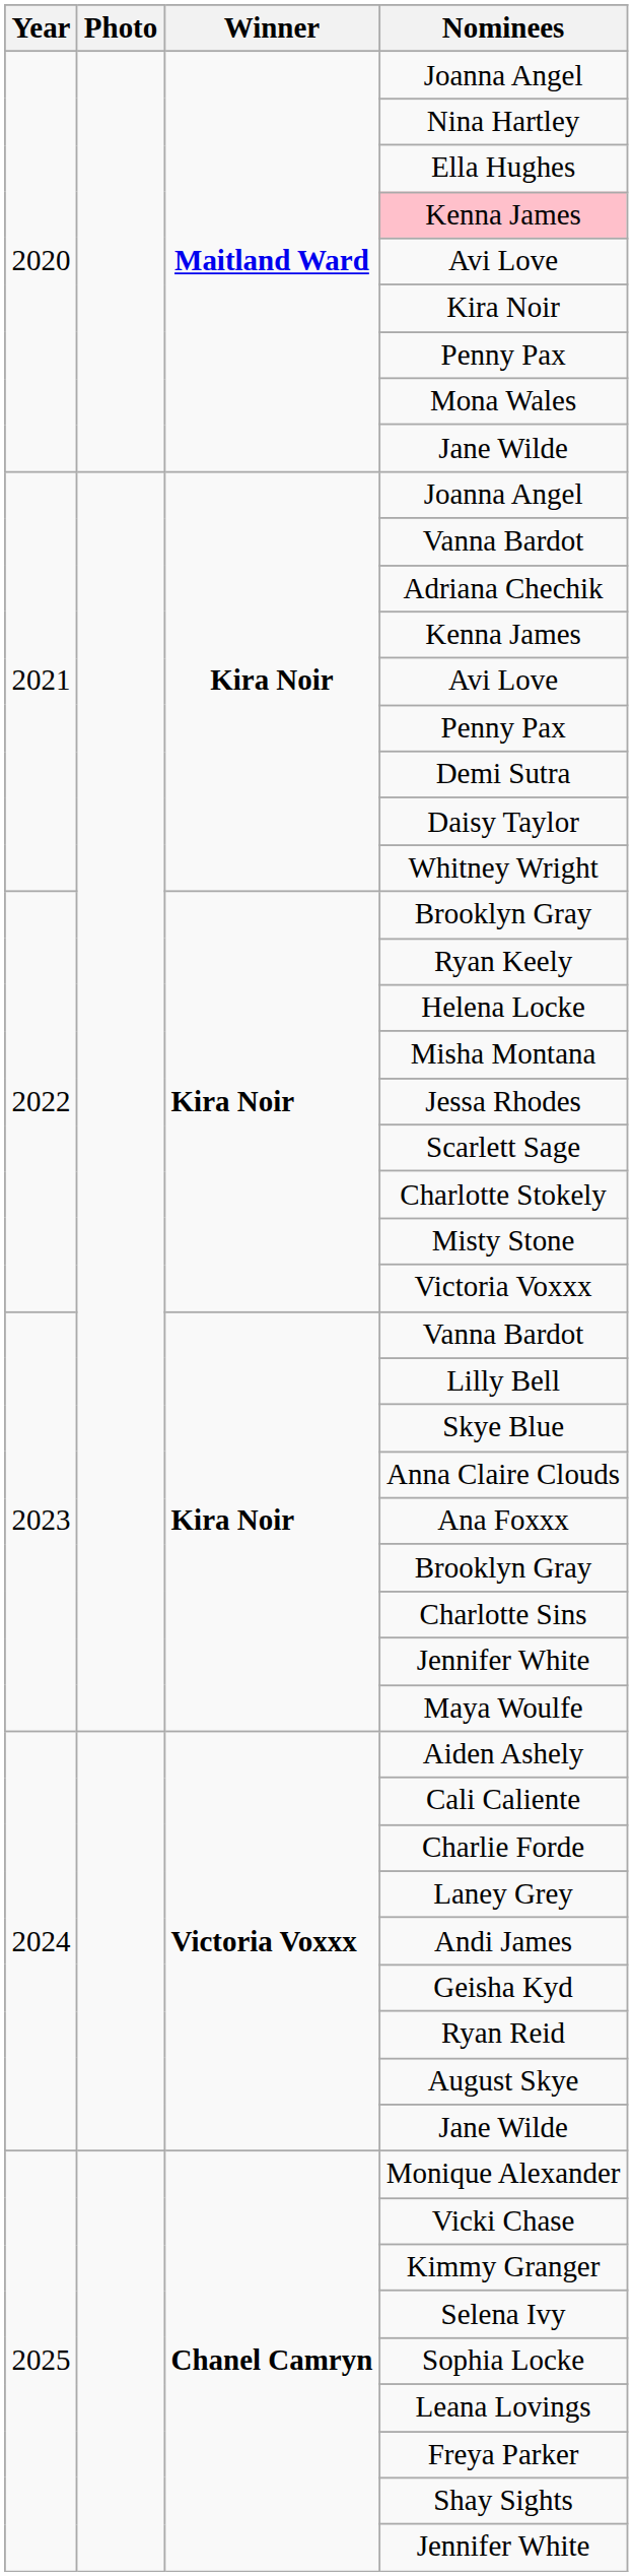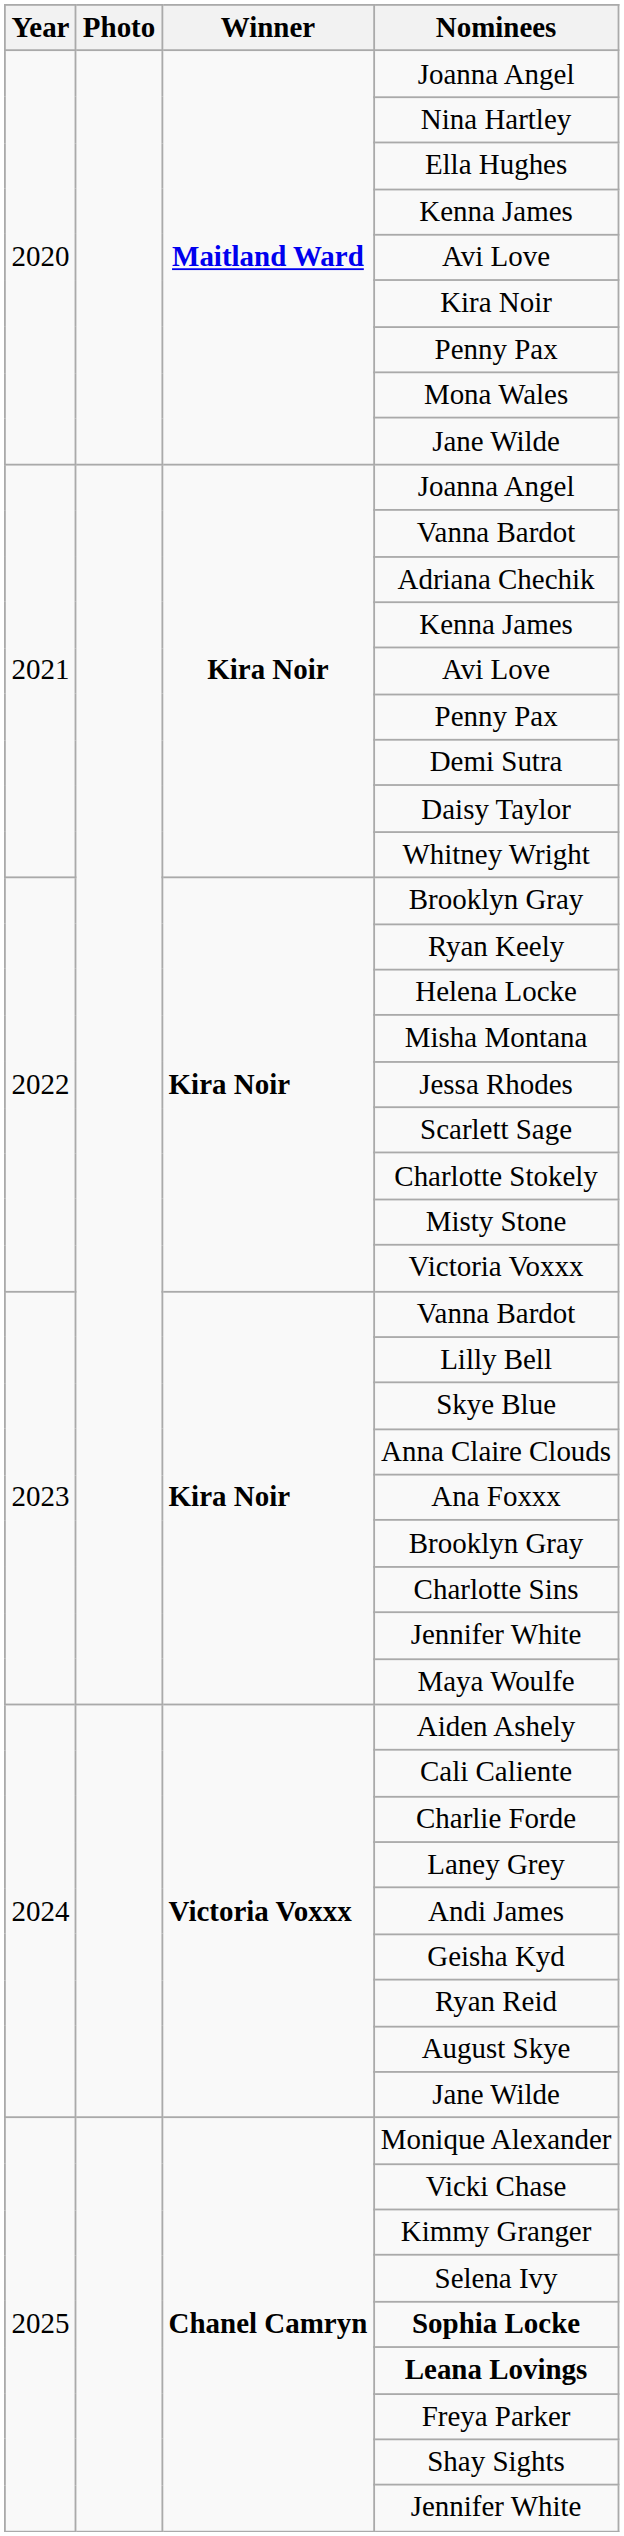 <table class=wikitable>
 <tr>
 <th>Year</th>
 <th>Photo</th>
 <th>Winner<br></th>
 <th>Nominees<br></th>
 </tr>
 <tr>
 <td rowspan=9 align=center>2020</td>
 <td rowspan=9 align=center></td>
 <td rowspan=9 align=center><strong><a href='#'>Maitland Ward</a></strong><br></td>
 <td align=center>Joanna Angel<br></td>
 </tr>
 <tr>
 <td align=center>Nina Hartley<br></td>
 </tr>
 <tr>
 <td align=center>Ella Hughes<br></td>
 </tr>
 <tr>
-<td align=center style="background: pink;">Kenna James<br></td>
+<td align=center>Kenna James<br></td>
 </tr>
 <tr>
 <td align=center>Avi Love<br></td>
 </tr>
 <tr>
 <td align=center>Kira Noir<br></td>
 </tr>
 <tr>
 <td align=center>Penny Pax<br></td>
 </tr>
 <tr>
 <td align=center>Mona Wales<br></td>
 </tr>
 <tr>
 <td align=center>Jane Wilde<br></td>
 </tr>
 <tr>
 <td rowspan=9 align=center>2021</td>
 <td rowspan="27" align="center"></td>
 <td rowspan=9 align=center><strong>Kira Noir</strong><br></td>
 <td align=center>Joanna Angel<br></td>
 </tr>
 <tr>
 <td align=center>Vanna Bardot<br></td>
 </tr>
 <tr>
 <td align=center>Adriana Chechik<br></td>
 </tr>
 <tr>
 <td align=center>Kenna James<br></td>
 </tr>
 <tr>
 <td align=center>Avi Love<br></td>
 </tr>
 <tr>
 <td align=center>Penny Pax<br></td>
 </tr>
 <tr>
 <td align=center>Demi Sutra<br></td>
 </tr>
 <tr>
 <td align=center>Daisy Taylor<br></td>
 </tr>
 <tr>
 <td align=center>Whitney Wright<br></td>
 </tr>
 <tr>
 <td rowspan="9">2022</td>
 <td rowspan="9"><strong>Kira Noir</strong><br></td>
 <td align=center>Brooklyn Gray <br></td>
 </tr>
 <tr>
 <td align=center>Ryan Keely<br></td>
 </tr>
 <tr>
 <td align=center>Helena Locke<br></td>
 </tr>
 <tr>
 <td align=center>Misha Montana<br></td>
 </tr>
 <tr>
 <td align=center>Jessa Rhodes<br></td>
 </tr>
 <tr>
 <td align=center>Scarlett Sage<br></td>
 </tr>
 <tr>
 <td align=center>Charlotte Stokely<br></td>
 </tr>
 <tr>
 <td align=center>Misty Stone<br></td>
 </tr>
 <tr>
 <td align=center>Victoria Voxxx<br></td>
 </tr>
 <tr>
 <td rowspan="9">2023</td>
 <td rowspan="9"><strong>Kira Noir</strong><br></td>
 <td align=center>Vanna Bardot<br></td>
 </tr>
 <tr>
 <td align=center>Lilly Bell<br></td>
 </tr>
 <tr>
 <td align=center>Skye Blue<br></td>
 </tr>
 <tr>
 <td align=center>Anna Claire Clouds<br></td>
 </tr>
 <tr>
 <td align=center>Ana Foxxx<br></td>
 </tr>
 <tr>
 <td align=center>Brooklyn Gray<br></td>
 </tr>
 <tr>
 <td align=center>Charlotte Sins<br></td>
 </tr>
 <tr>
 <td align=center>Jennifer White<br></td>
 </tr>
 <tr>
 <td align=center>Maya Woulfe<br></td>
 </tr>
 <tr>
 <td rowspan="9">2024</td>
 <td rowspan="9"></td>
 <td rowspan="9"><strong>Victoria Voxxx</strong><br></td>
 <td align=center>Aiden Ashely<br></td>
 </tr>
 <tr>
 <td align=center>Cali Caliente<br></td>
 </tr>
 <tr>
 <td align=center>Charlie Forde<br></td>
 </tr>
 <tr>
 <td align=center>Laney Grey<br></td>
 </tr>
 <tr>
 <td align=center>Andi James<br></td>
 </tr>
 <tr>
 <td align=center>Geisha Kyd<br></td>
 </tr>
 <tr>
 <td align=center>Ryan Reid<br></td>
 </tr>
 <tr>
 <td align=center>August Skye<br></td>
 </tr>
 <tr>
 <td align=center>Jane Wilde<br></td>
 </tr>
 <tr>
 <td rowspan="9">2025</td>
 <td rowspan="9"></td>
 <td rowspan="9"><strong>Chanel Camryn</strong><br></td>
 <td align=center>Monique Alexander<br></td>
 </tr>
 <tr>
 <td align=center>Vicki Chase<br></td>
 </tr>
 <tr>
 <td align=center>Kimmy Granger<br></td>
 </tr>
 <tr>
 <td align=center>Selena Ivy<br></td>
 </tr>
 <tr>
-<td align=center>Sophia Locke<br></td>
+<td align=center><strong>Sophia Locke<br></strong></td>
 </tr>
 <tr>
-<td align=center>Leana Lovings<br></td>
+<td align=center><strong>Leana Lovings<br></strong></td>
 </tr>
 <tr>
 <td align=center>Freya Parker<br></td>
 </tr>
 <tr>
 <td align=center>Shay Sights<br></td>
 </tr>
 <tr>
 <td align=center>Jennifer White<br></td>
 </tr>
 </table>
